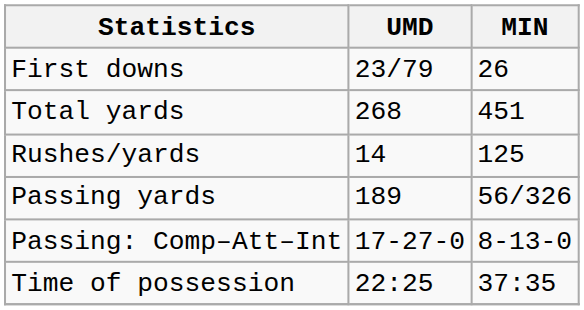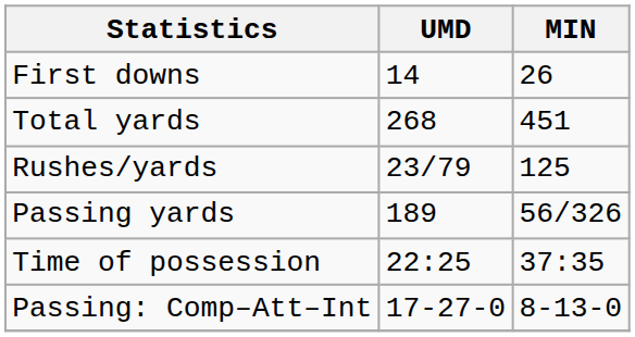 <table class="wikitable" style="float: left;">
 <tr>
 <th>Statistics</th>
 <th>UMD</th>
 <th>MIN</th>
 </tr>
 <tr>
 <td>First downs</td>
-<td>23/79</td>
+<td>14</td>
 <td>26</td>
 </tr>
 <tr>
 <td>Total yards</td>
 <td>268</td>
 <td>451</td>
 </tr>
 <tr>
 <td>Rushes/yards</td>
-<td>14</td>
+<td>23/79</td>
 <td>125</td>
 </tr>
 <tr>
 <td>Passing yards</td>
 <td>189</td>
 <td>56/326</td>
 </tr>
 <tr>
+<td>Time of possession</td>
+<td>22:25</td>
+<td>37:35</td>
+</tr>
+<tr>
 <td>Passing: Comp–Att–Int</td>
 <td>17-27-0</td>
 <td>8-13-0</td>
 </tr>
 <tr>
-<td>Time of possession</td>
-<td>22:25</td>
-<td>37:35</td>
-</tr>
-<tr>
 </tr>
 </table>
